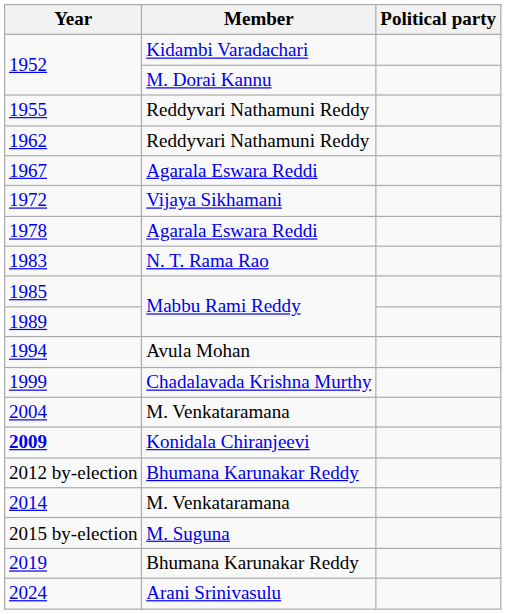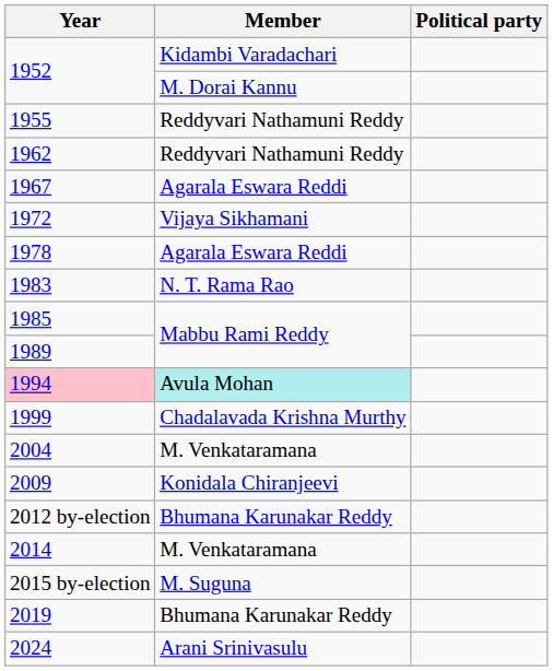 <table class="wikitable sortable">
 <tr>
 <th>Year</th>
 <th>Member</th>
 <th colspan="2">Political party</th>
 </tr>
 <tr>
 <td rowspan=2><a href='#'>1952</a></td>
 <td><a href='#'>Kidambi Varadachari</a></td>
 <td></td>
 </tr>
 <tr>
 <td><a href='#'>M. Dorai Kannu</a></td>
 </tr>
 <tr>
 <td><a href='#'>1955</a></td>
 <td>Reddyvari Nathamuni Reddy</td>
 <td></td>
 </tr>
 <tr>
 <td><a href='#'>1962</a></td>
 <td>Reddyvari Nathamuni Reddy</td>
 <td></td>
 </tr>
 <tr>
 <td><a href='#'>1967</a></td>
 <td><a href='#'>Agarala Eswara Reddi</a></td>
 <td></td>
 </tr>
 <tr>
 <td><a href='#'>1972</a></td>
 <td><a href='#'>Vijaya Sikhamani</a></td>
 <td></td>
 </tr>
 <tr>
 <td><a href='#'>1978</a></td>
 <td><a href='#'>Agarala Eswara Reddi</a></td>
 </tr>
 <tr>
 <td><a href='#'>1983</a></td>
 <td><a href='#'>N. T. Rama Rao</a></td>
 <td></td>
 </tr>
 <tr>
 <td><a href='#'>1985</a></td>
 <td rowspan=2><a href='#'>Mabbu Rami Reddy</a></td>
 <td></td>
 </tr>
 <tr>
 <td><a href='#'>1989</a></td>
 </tr>
 <tr>
-<td><a href='#'>1994</a></td>
-<td>Avula Mohan</td>
+<td style="background: pink;"><a href='#'>1994</a></td>
+<td style="background: paleturquoise;">Avula Mohan</td>
 <td></td>
 </tr>
 <tr>
 <td><a href='#'>1999</a></td>
 <td><a href='#'>Chadalavada Krishna Murthy</a></td>
 </tr>
 <tr>
 <td><a href='#'>2004</a></td>
 <td>M. Venkataramana</td>
 <td></td>
 </tr>
 <tr>
-<td><strong><a href='#'>2009</a></strong></td>
+<td><a href='#'>2009</a></td>
 <td><a href='#'>Konidala Chiranjeevi</a></td>
 <td></td>
 </tr>
 <tr>
 <td>2012 by-election</td>
 <td><a href='#'>Bhumana Karunakar Reddy</a></td>
 <td></td>
 </tr>
 <tr>
 <td><a href='#'>2014</a></td>
 <td>M. Venkataramana</td>
 <td></td>
 </tr>
 <tr>
 <td>2015 by-election</td>
 <td><a href='#'>M. Suguna</a></td>
 </tr>
 <tr>
 <td><a href='#'>2019</a></td>
 <td>Bhumana Karunakar Reddy</td>
 <td></td>
 </tr>
 <tr>
 <td><a href='#'>2024</a></td>
 <td><a href='#'>Arani Srinivasulu</a></td>
 <td></td>
 </tr>
 </table>
